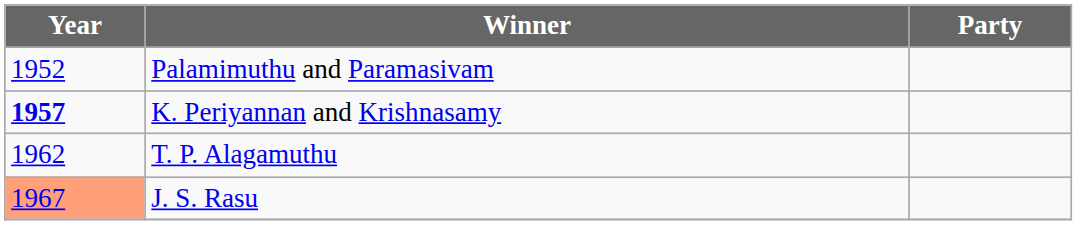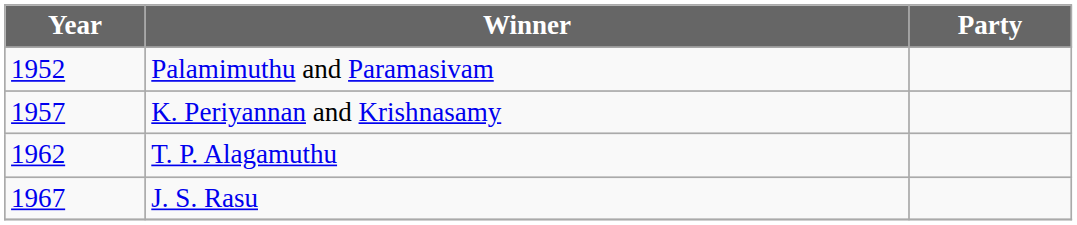 <table class="wikitable" width="50%">
 <tr>
 <th style="background-color:#666666; color:white">Year</th>
 <th style="background-color:#666666; color:white">Winner</th>
 <th style="background-color:#666666; color:white" colspan="2">Party</th>
 </tr>
 <tr>
 <td><a href='#'>1952</a></td>
 <td><a href='#'>Palamimuthu</a> and <a href='#'>Paramasivam</a></td>
 <td></td>
 </tr>
 <tr>
-<td><strong><a href='#'>1957</a></strong></td>
+<td><a href='#'>1957</a></td>
 <td><a href='#'>K. Periyannan</a> and <a href='#'>Krishnasamy</a></td>
 <td></td>
 </tr>
 <tr>
 <td><a href='#'>1962</a></td>
 <td><a href='#'>T. P. Alagamuthu</a></td>
 <td></td>
 </tr>
 <tr>
-<td style="background: lightsalmon;"><a href='#'>1967</a></td>
+<td><a href='#'>1967</a></td>
 <td><a href='#'>J. S. Rasu</a></td>
 <td></td>
 </tr>
 <tr>
 </tr>
 </table>
